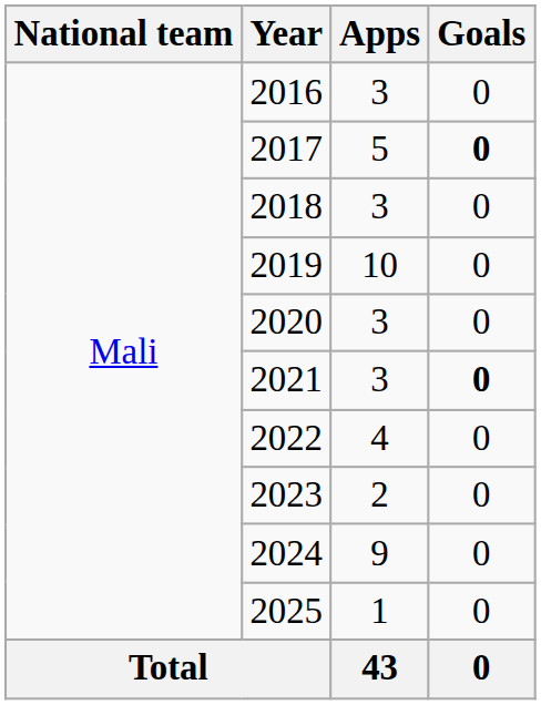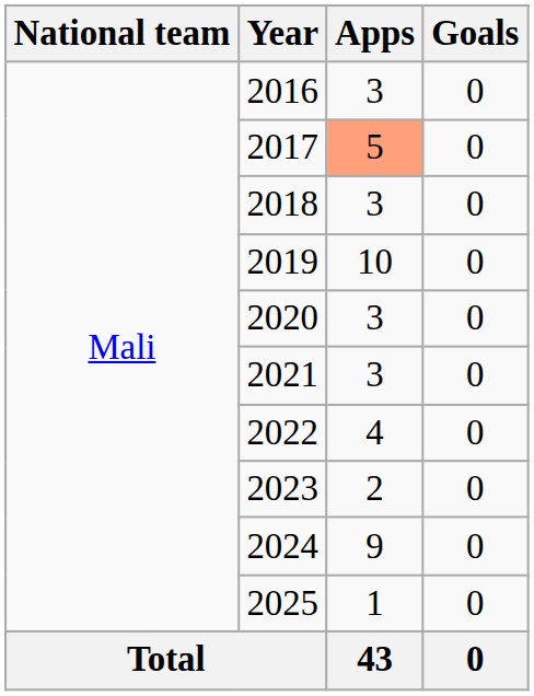 <table class="wikitable" style="text-align:center">
 <tr>
 <th>National team</th>
 <th>Year</th>
 <th>Apps</th>
 <th>Goals</th>
 </tr>
 <tr>
 <td rowspan="10"><a href='#'>Mali</a></td>
 <td>2016</td>
 <td>3</td>
 <td>0</td>
 </tr>
 <tr>
 <td>2017</td>
-<td>5</td>
-<td><strong>0</strong></td>
+<td style="background: lightsalmon;">5</td>
+<td>0</td>
 </tr>
 <tr>
 <td>2018</td>
 <td>3</td>
 <td>0</td>
 </tr>
 <tr>
 <td>2019</td>
 <td>10</td>
 <td>0</td>
 </tr>
 <tr>
 <td>2020</td>
 <td>3</td>
 <td>0</td>
 </tr>
 <tr>
 <td>2021</td>
 <td>3</td>
-<td><strong>0</strong></td>
+<td>0</td>
 </tr>
 <tr>
 <td>2022</td>
 <td>4</td>
 <td>0</td>
 </tr>
 <tr>
 <td>2023</td>
 <td>2</td>
 <td>0</td>
 </tr>
 <tr>
 <td>2024</td>
 <td>9</td>
 <td>0</td>
 </tr>
 <tr>
 <td>2025</td>
 <td>1</td>
 <td>0</td>
 </tr>
 <tr>
 <th colspan="2">Total</th>
 <th>43</th>
 <th>0</th>
 </tr>
 </table>
